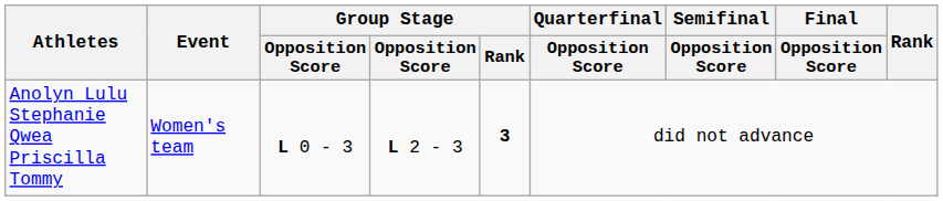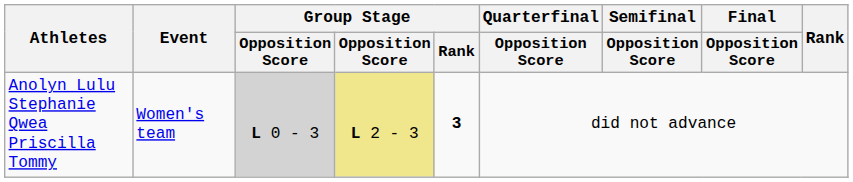 <table class="wikitable" style="font-size:90%">
 <tr>
 <th rowspan=2>Athletes</th>
 <th rowspan=2>Event</th>
 <th colspan=3>Group Stage</th>
 <th>Quarterfinal</th>
 <th>Semifinal</th>
 <th>Final</th>
 <th rowspan=2>Rank</th>
 </tr>
 <tr style="font-size:95%">
 <th>Opposition<br>Score</th>
 <th>Opposition<br>Score</th>
 <th>Rank</th>
 <th>Opposition<br>Score</th>
 <th>Opposition<br>Score</th>
 <th>Opposition<br>Score</th>
 </tr>
 <tr align=center>
 <td align=left><a href='#'>Anolyn Lulu</a><br><a href='#'>Stephanie Qwea</a><br><a href='#'>Priscilla Tommy</a></td>
 <td align=left><a href='#'>Women's team</a></td>
-<td><br><strong>L</strong> 0 - 3</td>
-<td><br><strong>L</strong> 2 - 3</td>
+<td style="background: lightgrey;"><br><strong>L</strong> 0 - 3</td>
+<td style="background: khaki;"><br><strong>L</strong> 2 - 3</td>
 <td><strong>3</strong></td>
 <td colspan=4>did not advance</td>
 </tr>
 </table>
